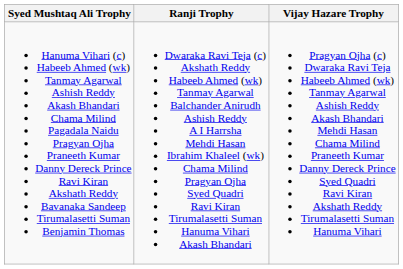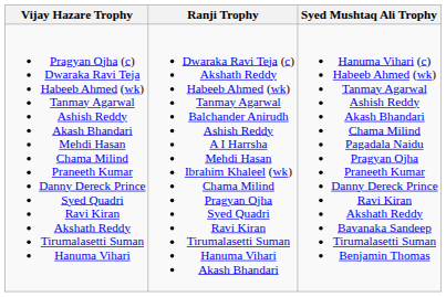 <table class="wikitable" style="text-align:center; margin:auto">
 <tr>
+<th>Vijay Hazare Trophy</th>
+<th>Ranji Trophy</th>
 <th>Syed Mushtaq Ali Trophy</th>
-<th>Ranji Trophy</th>
-<th>Vijay Hazare Trophy</th>
 </tr>
 <tr style="vertical-align:top">
+<td><br><ul><li><a href='#'>Pragyan Ojha</a> (<a href='#'>c</a>)</li><li><a href='#'>Dwaraka Ravi Teja</a></li><li><a href='#'>Habeeb Ahmed</a> (<a href='#'>wk</a>)</li><li><a href='#'>Tanmay Agarwal</a></li><li><a href='#'>Ashish Reddy</a></li><li><a href='#'>Akash Bhandari</a></li><li><a href='#'>Mehdi Hasan</a></li><li><a href='#'>Chama Milind</a></li><li><a href='#'>Praneeth Kumar</a></li><li><a href='#'>Danny Dereck Prince</a></li><li><a href='#'>Syed Quadri</a></li><li><a href='#'>Ravi Kiran</a></li><li><a href='#'>Akshath Reddy</a></li><li><a href='#'>Tirumalasetti Suman</a></li><li><a href='#'>Hanuma Vihari</a></li></ul></td>
+<td><br><ul><li><a href='#'>Dwaraka Ravi Teja</a> (<a href='#'>c</a>)</li><li><a href='#'>Akshath Reddy</a></li><li><a href='#'>Habeeb Ahmed</a> (<a href='#'>wk</a>)</li><li><a href='#'>Tanmay Agarwal</a></li><li><a href='#'>Balchander Anirudh</a></li><li><a href='#'>Ashish Reddy</a></li><li><a href='#'>A I Harrsha</a></li><li><a href='#'>Mehdi Hasan</a></li><li><a href='#'>Ibrahim Khaleel</a> (<a href='#'>wk</a>)</li><li><a href='#'>Chama Milind</a></li><li><a href='#'>Pragyan Ojha</a></li><li><a href='#'>Syed Quadri</a></li><li><a href='#'>Ravi Kiran</a></li><li><a href='#'>Tirumalasetti Suman</a></li><li><a href='#'>Hanuma Vihari</a></li><li><a href='#'>Akash Bhandari</a></li></ul></td>
 <td><br><ul><li><a href='#'>Hanuma Vihari</a> (<a href='#'>c</a>)</li><li><a href='#'>Habeeb Ahmed</a> (<a href='#'>wk</a>)</li><li><a href='#'>Tanmay Agarwal</a></li><li><a href='#'>Ashish Reddy</a></li><li><a href='#'>Akash Bhandari</a></li><li><a href='#'>Chama Milind</a></li><li><a href='#'>Pagadala Naidu</a></li><li><a href='#'>Pragyan Ojha</a></li><li><a href='#'>Praneeth Kumar</a></li><li><a href='#'>Danny Dereck Prince</a></li><li><a href='#'>Ravi Kiran</a></li><li><a href='#'>Akshath Reddy</a></li><li><a href='#'>Bavanaka Sandeep</a></li><li><a href='#'>Tirumalasetti Suman</a></li><li><a href='#'>Benjamin Thomas</a></li></ul></td>
-<td><br><ul><li><a href='#'>Dwaraka Ravi Teja</a> (<a href='#'>c</a>)</li><li><a href='#'>Akshath Reddy</a></li><li><a href='#'>Habeeb Ahmed</a> (<a href='#'>wk</a>)</li><li><a href='#'>Tanmay Agarwal</a></li><li><a href='#'>Balchander Anirudh</a></li><li><a href='#'>Ashish Reddy</a></li><li><a href='#'>A I Harrsha</a></li><li><a href='#'>Mehdi Hasan</a></li><li><a href='#'>Ibrahim Khaleel</a> (<a href='#'>wk</a>)</li><li><a href='#'>Chama Milind</a></li><li><a href='#'>Pragyan Ojha</a></li><li><a href='#'>Syed Quadri</a></li><li><a href='#'>Ravi Kiran</a></li><li><a href='#'>Tirumalasetti Suman</a></li><li><a href='#'>Hanuma Vihari</a></li><li><a href='#'>Akash Bhandari</a></li></ul></td>
-<td><br><ul><li><a href='#'>Pragyan Ojha</a> (<a href='#'>c</a>)</li><li><a href='#'>Dwaraka Ravi Teja</a></li><li><a href='#'>Habeeb Ahmed</a> (<a href='#'>wk</a>)</li><li><a href='#'>Tanmay Agarwal</a></li><li><a href='#'>Ashish Reddy</a></li><li><a href='#'>Akash Bhandari</a></li><li><a href='#'>Mehdi Hasan</a></li><li><a href='#'>Chama Milind</a></li><li><a href='#'>Praneeth Kumar</a></li><li><a href='#'>Danny Dereck Prince</a></li><li><a href='#'>Syed Quadri</a></li><li><a href='#'>Ravi Kiran</a></li><li><a href='#'>Akshath Reddy</a></li><li><a href='#'>Tirumalasetti Suman</a></li><li><a href='#'>Hanuma Vihari</a></li></ul></td>
 </tr>
 </table>
